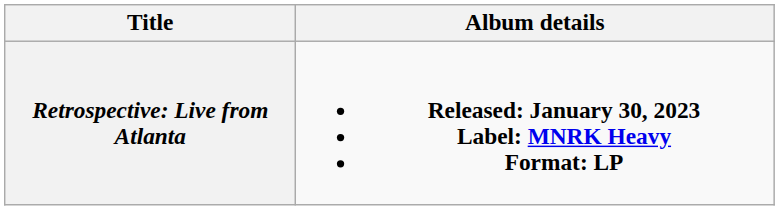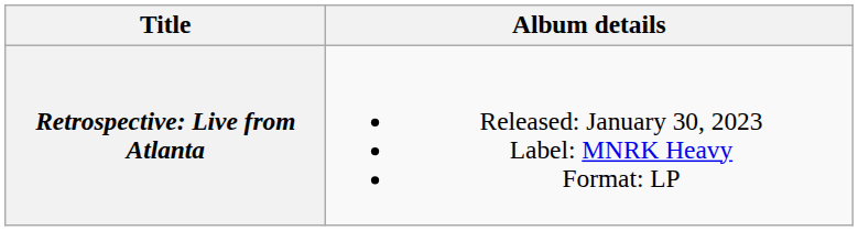 <table class="wikitable plainrowheaders" style = "text-align:center;">
 <tr>
 <th scope="col" style="width:12em;">Title</th>
 <th scope="col" style="width:20em;">Album details</th>
 </tr>
 <tr>
 <th scope="row"><em>Retrospective: Live from Atlanta</em></th>
-<td><strong><br><ul><li>Released: January 30, 2023</li><li>Label: <a href='#'>MNRK Heavy</a></li><li>Format: LP</li></ul></strong></td>
+<td><br><ul><li>Released: January 30, 2023</li><li>Label: <a href='#'>MNRK Heavy</a></li><li>Format: LP</li></ul></td>
 </tr>
 </table>
